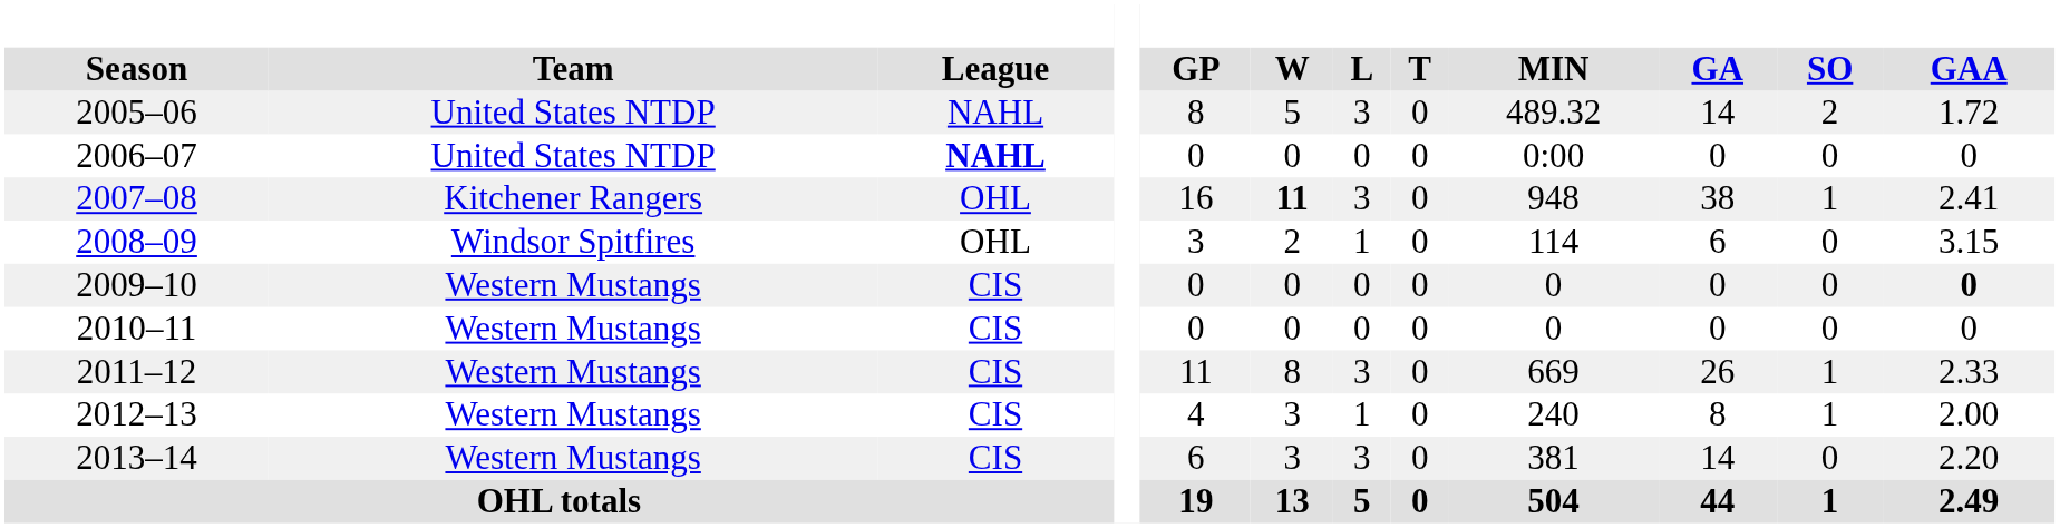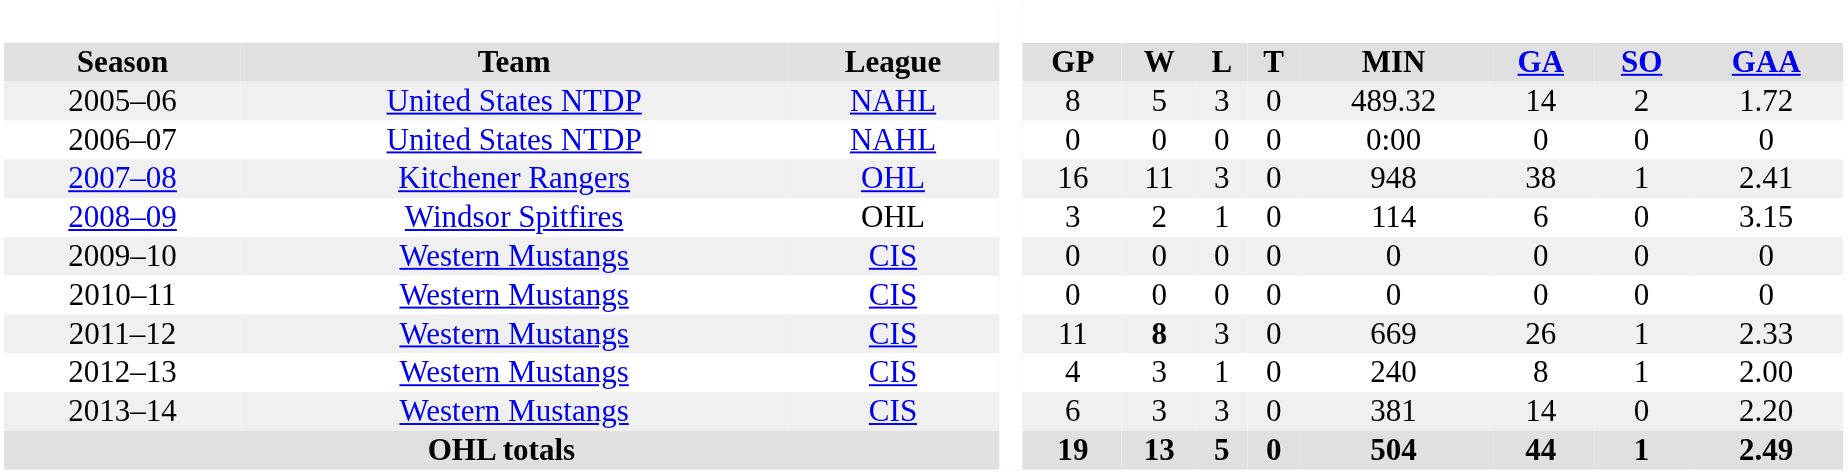 <table BORDER="0" CELLPADDING="1" CELLSPACING="0" width="75%" style="text-align:center">
 <tr bgcolor="#e0e0e0">
 <th colspan="3" bgcolor="#ffffff"> </th>
 <th rowspan="99" bgcolor="#ffffff"> </th>
 </tr>
 <tr bgcolor="#e0e0e0">
 <th>Season</th>
 <th>Team</th>
 <th>League</th>
 <th>GP</th>
 <th>W</th>
 <th>L</th>
 <th>T</th>
 <th>MIN</th>
 <th><a href='#'>GA</a></th>
 <th><a href='#'>SO</a></th>
 <th><a href='#'>GAA</a></th>
 </tr>
 <tr bgcolor="#f0f0f0">
 <td>2005–06</td>
 <td><a href='#'>United States NTDP</a></td>
 <td><a href='#'>NAHL</a></td>
 <td>8</td>
 <td>5</td>
 <td>3</td>
 <td>0</td>
 <td>489.32</td>
 <td>14</td>
 <td>2</td>
 <td>1.72</td>
 </tr>
 <tr>
 <td>2006–07</td>
 <td><a href='#'>United States NTDP</a></td>
-<td><strong><a href='#'>NAHL</a></strong></td>
+<td><a href='#'>NAHL</a></td>
 <td>0</td>
 <td>0</td>
 <td>0</td>
 <td>0</td>
 <td>0:00</td>
 <td>0</td>
 <td>0</td>
 <td>0</td>
 </tr>
 <tr bgcolor="#f0f0f0">
 <td><a href='#'>2007–08</a></td>
 <td><a href='#'>Kitchener Rangers</a></td>
 <td><a href='#'>OHL</a></td>
 <td>16</td>
-<td><strong>11</strong></td>
+<td>11</td>
 <td>3</td>
 <td>0</td>
 <td>948</td>
 <td>38</td>
 <td>1</td>
 <td>2.41</td>
 </tr>
 <tr>
 <td><a href='#'>2008–09</a></td>
 <td><a href='#'>Windsor Spitfires</a></td>
 <td>OHL</td>
 <td>3</td>
 <td>2</td>
 <td>1</td>
 <td>0</td>
 <td>114</td>
 <td>6</td>
 <td>0</td>
 <td>3.15</td>
 </tr>
 <tr bgcolor="#f0f0f0">
 <td>2009–10</td>
 <td><a href='#'>Western Mustangs</a></td>
 <td><a href='#'>CIS</a></td>
 <td>0</td>
 <td>0</td>
 <td>0</td>
 <td>0</td>
 <td>0</td>
 <td>0</td>
 <td>0</td>
-<td><strong>0</strong></td>
+<td>0</td>
 </tr>
 <tr>
 <td>2010–11</td>
 <td><a href='#'>Western Mustangs</a></td>
 <td><a href='#'>CIS</a></td>
 <td>0</td>
 <td>0</td>
 <td>0</td>
 <td>0</td>
 <td>0</td>
 <td>0</td>
 <td>0</td>
 <td>0</td>
 </tr>
 <tr bgcolor="#f0f0f0">
 <td>2011–12</td>
 <td><a href='#'>Western Mustangs</a></td>
 <td><a href='#'>CIS</a></td>
 <td>11</td>
-<td>8</td>
+<td><strong>8</strong></td>
 <td>3</td>
 <td>0</td>
 <td>669</td>
 <td>26</td>
 <td>1</td>
 <td>2.33</td>
 </tr>
 <tr>
 <td>2012–13</td>
 <td><a href='#'>Western Mustangs</a></td>
 <td><a href='#'>CIS</a></td>
 <td>4</td>
 <td>3</td>
 <td>1</td>
 <td>0</td>
 <td>240</td>
 <td>8</td>
 <td>1</td>
 <td>2.00</td>
 </tr>
 <tr bgcolor="#f0f0f0">
 <td>2013–14</td>
 <td><a href='#'>Western Mustangs</a></td>
 <td><a href='#'>CIS</a></td>
 <td>6</td>
 <td>3</td>
 <td>3</td>
 <td>0</td>
 <td>381</td>
 <td>14</td>
 <td>0</td>
 <td>2.20</td>
 </tr>
 <tr bgcolor="#e0e0e0">
 <th colspan="3">OHL totals</th>
 <th>19</th>
 <th>13</th>
 <th>5</th>
 <th>0</th>
 <th>504</th>
 <th>44</th>
 <th>1</th>
 <th>2.49</th>
 </tr>
 </table>
